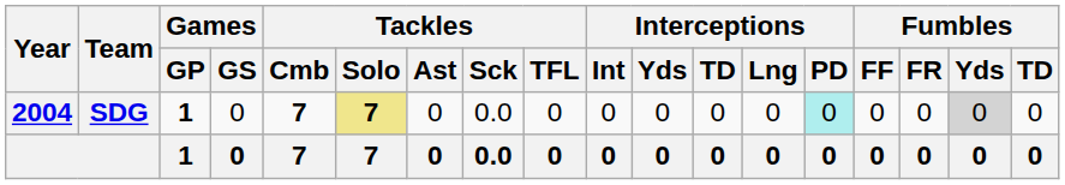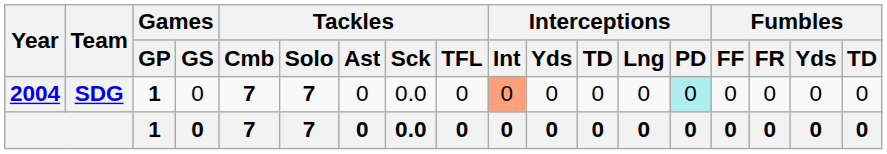 <table class="wikitable" style="text-align:center">
 <tr>
 <th rowspan="2">Year</th>
 <th rowspan="2">Team</th>
 <th colspan="2">Games</th>
 <th colspan="5">Tackles</th>
 <th colspan="5">Interceptions</th>
 <th colspan="4">Fumbles</th>
 </tr>
 <tr>
 <th>GP</th>
 <th>GS</th>
 <th>Cmb</th>
 <th>Solo</th>
 <th>Ast</th>
 <th>Sck</th>
 <th>TFL</th>
 <th>Int</th>
 <th>Yds</th>
 <th>TD</th>
 <th>Lng</th>
 <th>PD</th>
 <th>FF</th>
 <th>FR</th>
 <th>Yds</th>
 <th>TD</th>
 </tr>
 <tr>
 <th><a href='#'>2004</a></th>
 <th><a href='#'>SDG</a></th>
 <td><strong>1</strong></td>
 <td>0</td>
 <td><strong>7</strong></td>
-<td style="background: khaki;"><strong>7</strong></td>
+<td><strong>7</strong></td>
 <td>0</td>
 <td>0.0</td>
 <td>0</td>
-<td>0</td>
+<td style="background: lightsalmon;">0</td>
 <td>0</td>
 <td>0</td>
 <td>0</td>
 <td style="background: paleturquoise;">0</td>
 <td>0</td>
 <td>0</td>
-<td style="background: lightgrey;">0</td>
+<td>0</td>
 <td>0</td>
 </tr>
 <tr>
 <th colspan="2"></th>
 <th>1</th>
 <th>0</th>
 <th>7</th>
 <th>7</th>
 <th>0</th>
 <th>0.0</th>
 <th>0</th>
 <th>0</th>
 <th>0</th>
 <th>0</th>
 <th>0</th>
 <th>0</th>
 <th>0</th>
 <th>0</th>
 <th>0</th>
 <th>0</th>
 </tr>
 </table>
